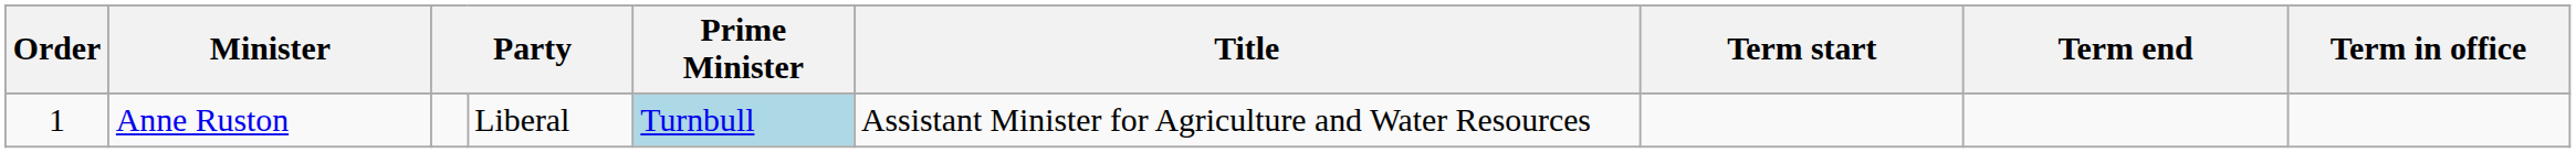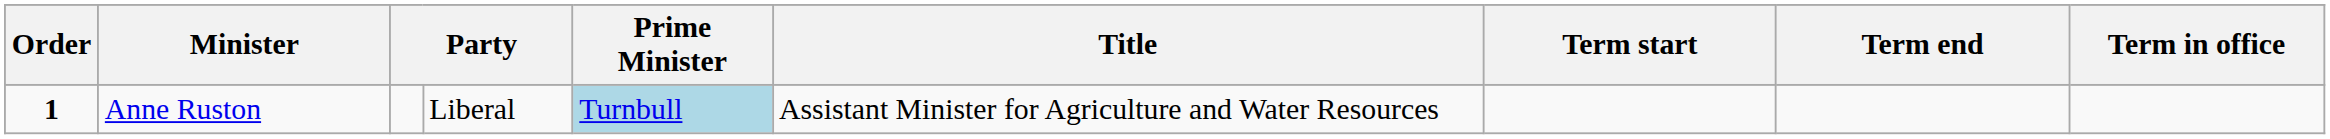 <table class="wikitable">
 <tr>
 <th width=5>Order</th>
 <th width=150>Minister</th>
 <th width=100 colspan="2">Party</th>
 <th width=100>Prime Minister</th>
 <th width=375>Title</th>
 <th width=150>Term start</th>
 <th width=150>Term end</th>
 <th width=130>Term in office</th>
 </tr>
 <tr>
-<td align=center>1</td>
+<td align=center><strong>1</strong></td>
 <td><a href='#'>Anne Ruston</a></td>
 <td> </td>
 <td>Liberal</td>
 <td style="background: lightblue;"><a href='#'>Turnbull</a></td>
 <td>Assistant Minister for Agriculture and Water Resources</td>
 <td align=center></td>
 <td align=center></td>
 <td align=right></td>
 </tr>
 </table>
